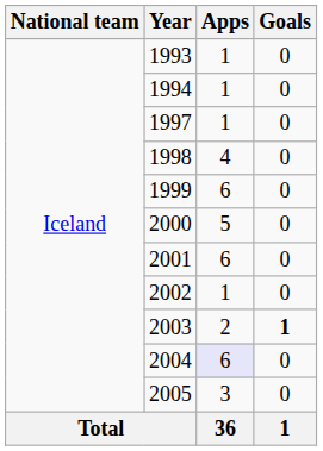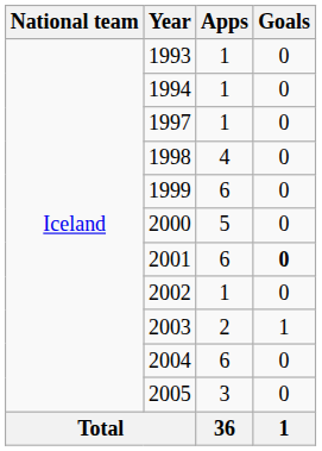 <table class=wikitable style="text-align: center">
 <tr>
 <th>National team</th>
 <th>Year</th>
 <th>Apps</th>
 <th>Goals</th>
 </tr>
 <tr>
 <td rowspan=11><a href='#'>Iceland</a></td>
 <td>1993</td>
 <td>1</td>
 <td>0</td>
 </tr>
 <tr>
 <td>1994</td>
 <td>1</td>
 <td>0</td>
 </tr>
 <tr>
 <td>1997</td>
 <td>1</td>
 <td>0</td>
 </tr>
 <tr>
 <td>1998</td>
 <td>4</td>
 <td>0</td>
 </tr>
 <tr>
 <td>1999</td>
 <td>6</td>
 <td>0</td>
 </tr>
 <tr>
 <td>2000</td>
 <td>5</td>
 <td>0</td>
 </tr>
 <tr>
 <td>2001</td>
 <td>6</td>
-<td>0</td>
+<td><strong>0</strong></td>
 </tr>
 <tr>
 <td>2002</td>
 <td>1</td>
 <td>0</td>
 </tr>
 <tr>
 <td>2003</td>
 <td>2</td>
-<td><strong>1</strong></td>
+<td>1</td>
 </tr>
 <tr>
 <td>2004</td>
-<td style="background: lavender;">6</td>
+<td>6</td>
 <td>0</td>
 </tr>
 <tr>
 <td>2005</td>
 <td>3</td>
 <td>0</td>
 </tr>
 <tr>
 <th colspan=2>Total</th>
 <th>36</th>
 <th>1</th>
 </tr>
 </table>
